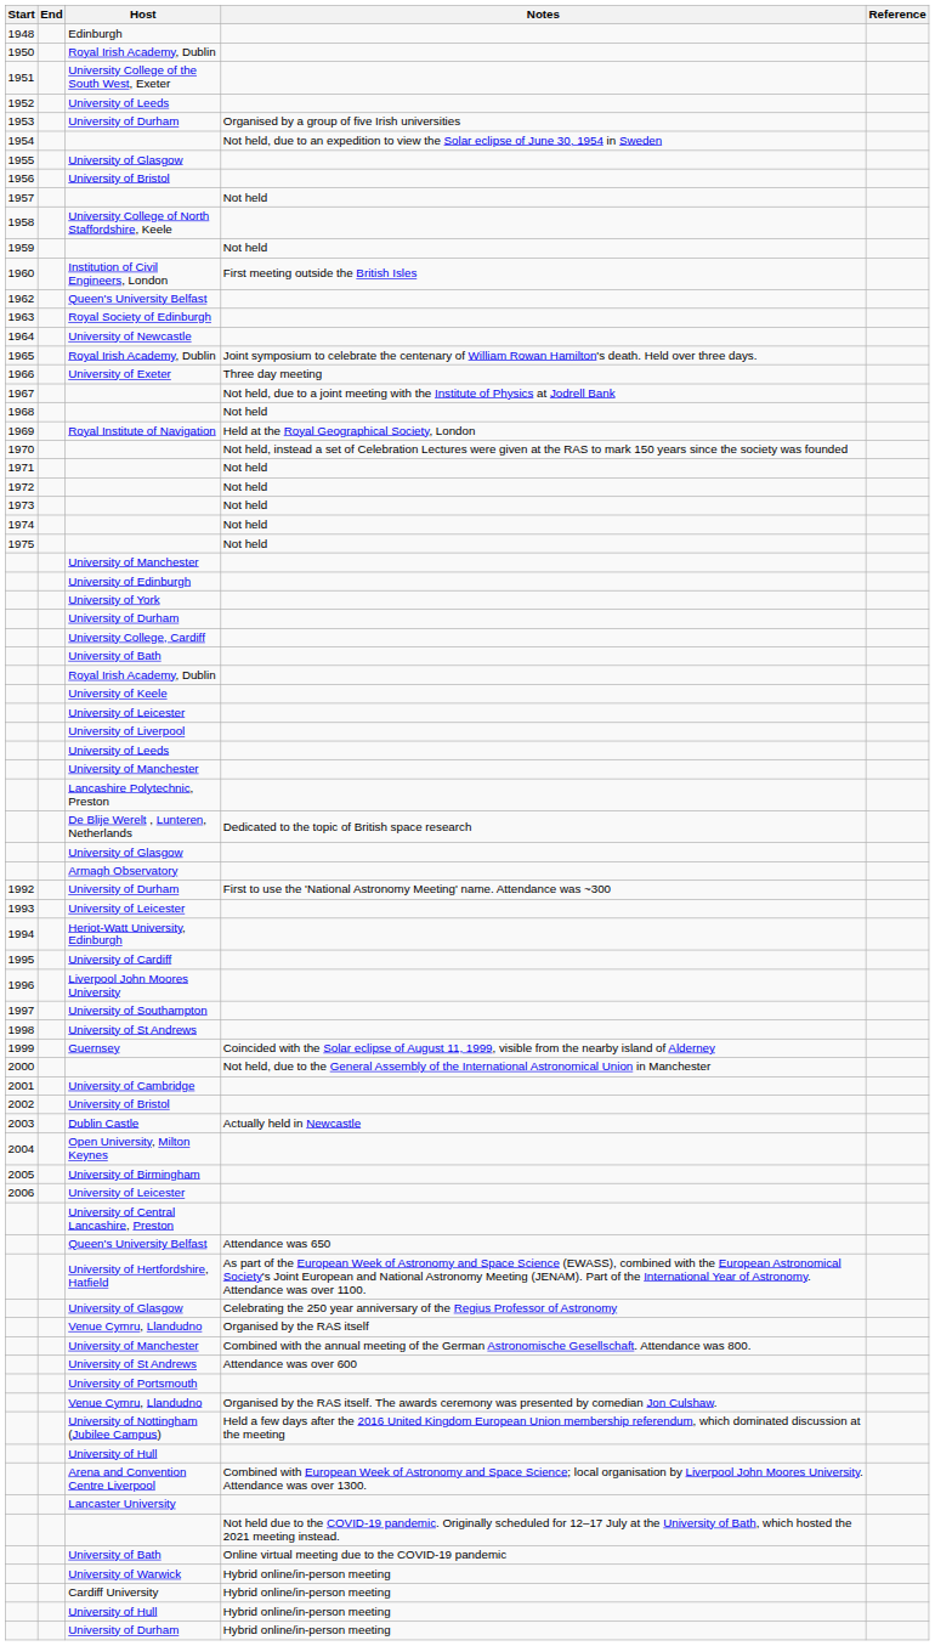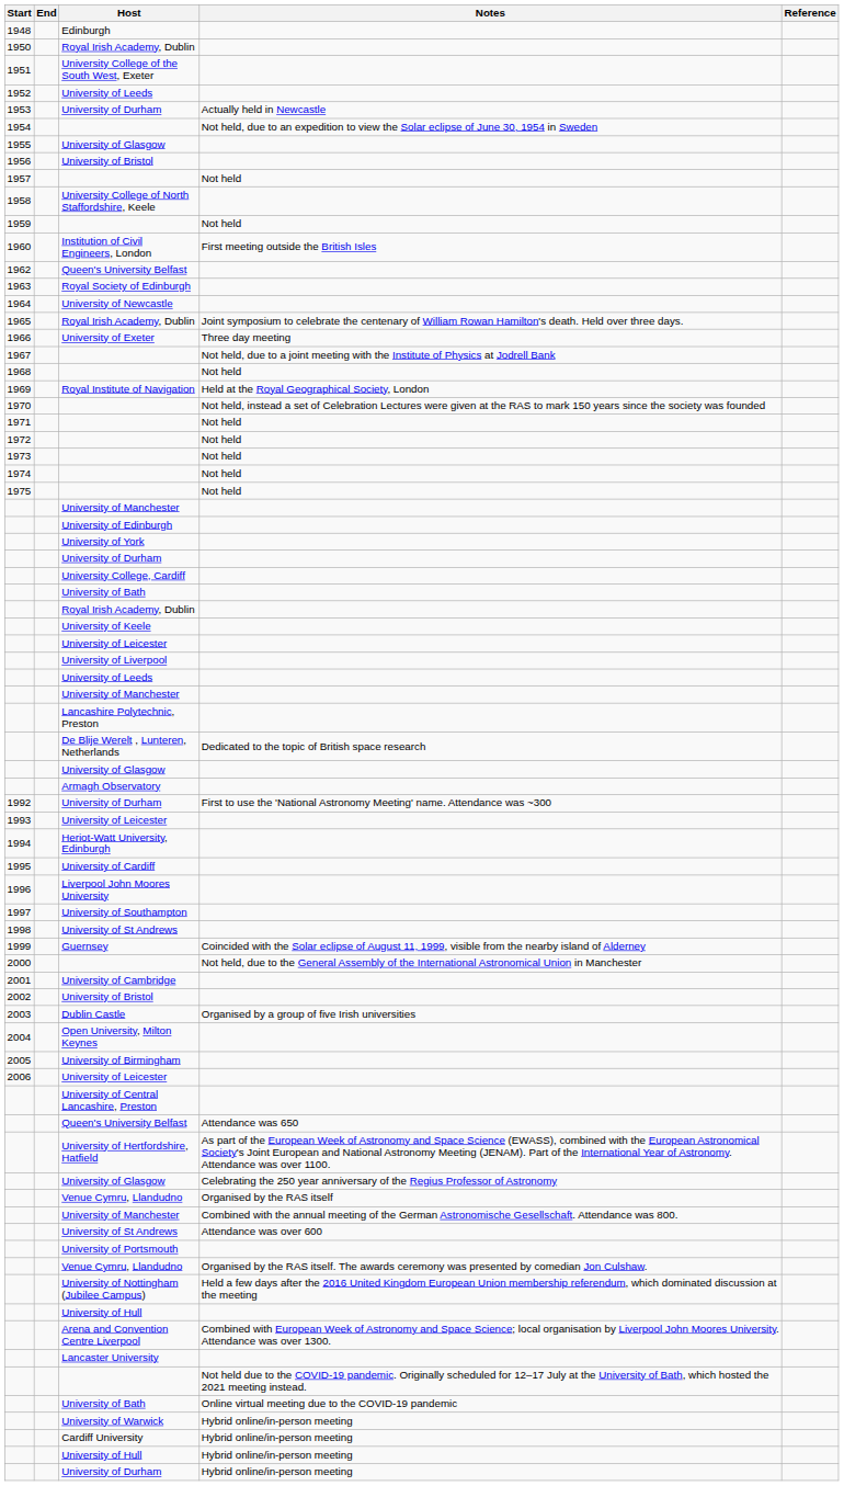 <table class="wikitable sortable">
 <tr>
 <th>Start</th>
 <th>End</th>
 <th>Host</th>
 <th>Notes</th>
 <th>Reference</th>
 </tr>
 <tr>
 <td>1948</td>
 <td></td>
 <td>Edinburgh</td>
 <td></td>
 <td></td>
 </tr>
 <tr>
 <td>1950</td>
 <td></td>
 <td><a href='#'>Royal Irish Academy</a>, Dublin</td>
 <td></td>
 <td></td>
 </tr>
 <tr>
 <td>1951</td>
 <td></td>
 <td><a href='#'>University College of the South West</a>, Exeter</td>
 <td></td>
 <td></td>
 </tr>
 <tr>
 <td>1952</td>
 <td></td>
 <td><a href='#'>University of Leeds</a></td>
 <td></td>
 <td></td>
 </tr>
 <tr>
 <td>1953</td>
 <td></td>
 <td><a href='#'>University of Durham</a></td>
-<td>Organised by a group of five Irish universities</td>
+<td>Actually held in <a href='#'>Newcastle</a></td>
 <td></td>
 </tr>
 <tr>
 <td>1954</td>
 <td></td>
 <td></td>
 <td>Not held, due to an expedition to view the <a href='#'>Solar eclipse of June 30, 1954</a> in <a href='#'>Sweden</a></td>
 <td></td>
 </tr>
 <tr>
 <td>1955</td>
 <td></td>
 <td><a href='#'>University of Glasgow</a></td>
 <td></td>
 <td></td>
 </tr>
 <tr>
 <td>1956</td>
 <td></td>
 <td><a href='#'>University of Bristol</a></td>
 <td></td>
 <td></td>
 </tr>
 <tr>
 <td>1957</td>
 <td></td>
 <td></td>
 <td>Not held</td>
 <td></td>
 </tr>
 <tr>
 <td>1958</td>
 <td></td>
 <td><a href='#'>University College of North Staffordshire</a>, Keele</td>
 <td></td>
 <td></td>
 </tr>
 <tr>
 <td>1959</td>
 <td></td>
 <td></td>
 <td>Not held</td>
 <td></td>
 </tr>
 <tr>
 <td>1960</td>
 <td></td>
 <td><a href='#'>Institution of Civil Engineers</a>, London</td>
 <td>First meeting outside the <a href='#'>British Isles</a></td>
 <td></td>
 </tr>
 <tr>
 <td>1962</td>
 <td></td>
 <td><a href='#'>Queen's University Belfast</a></td>
 <td></td>
 <td></td>
 </tr>
 <tr>
 <td>1963</td>
 <td></td>
 <td><a href='#'>Royal Society of Edinburgh</a></td>
 <td></td>
 <td></td>
 </tr>
 <tr>
 <td>1964</td>
 <td></td>
 <td><a href='#'>University of Newcastle</a></td>
 <td></td>
 <td></td>
 </tr>
 <tr>
 <td>1965</td>
 <td></td>
 <td><a href='#'>Royal Irish Academy</a>, Dublin</td>
 <td>Joint symposium to celebrate the centenary of <a href='#'>William Rowan Hamilton</a>'s death. Held over three days.</td>
 <td></td>
 </tr>
 <tr>
 <td>1966</td>
 <td></td>
 <td><a href='#'>University of Exeter</a></td>
 <td>Three day meeting</td>
 <td></td>
 </tr>
 <tr>
 <td>1967</td>
 <td></td>
 <td></td>
 <td>Not held, due to a joint meeting with the <a href='#'>Institute of Physics</a> at <a href='#'>Jodrell Bank</a></td>
 <td></td>
 </tr>
 <tr>
 <td>1968</td>
 <td></td>
 <td></td>
 <td>Not held</td>
 <td></td>
 </tr>
 <tr>
 <td>1969</td>
 <td></td>
 <td><a href='#'>Royal Institute of Navigation</a></td>
 <td>Held at the <a href='#'>Royal Geographical Society</a>, London</td>
 <td></td>
 </tr>
 <tr>
 <td>1970</td>
 <td></td>
 <td></td>
 <td>Not held, instead a set of Celebration Lectures were given at the RAS to mark 150 years since the society was founded</td>
 <td></td>
 </tr>
 <tr>
 <td>1971</td>
 <td></td>
 <td></td>
 <td>Not held</td>
 <td></td>
 </tr>
 <tr>
 <td>1972</td>
 <td></td>
 <td></td>
 <td>Not held</td>
 <td></td>
 </tr>
 <tr>
 <td>1973</td>
 <td></td>
 <td></td>
 <td>Not held</td>
 <td></td>
 </tr>
 <tr>
 <td>1974</td>
 <td></td>
 <td></td>
 <td>Not held</td>
 <td></td>
 </tr>
 <tr>
 <td>1975</td>
 <td></td>
 <td></td>
 <td>Not held</td>
 <td></td>
 </tr>
 <tr>
 <td></td>
 <td></td>
 <td><a href='#'>University of Manchester</a></td>
 <td></td>
 <td></td>
 </tr>
 <tr>
 <td></td>
 <td></td>
 <td><a href='#'>University of Edinburgh</a></td>
 <td></td>
 <td></td>
 </tr>
 <tr>
 <td></td>
 <td></td>
 <td><a href='#'>University of York</a></td>
 <td></td>
 <td></td>
 </tr>
 <tr>
 <td></td>
 <td></td>
 <td><a href='#'>University of Durham</a></td>
 <td></td>
 <td></td>
 </tr>
 <tr>
 <td></td>
 <td></td>
 <td><a href='#'>University College, Cardiff</a></td>
 <td></td>
 <td></td>
 </tr>
 <tr>
 <td></td>
 <td></td>
 <td><a href='#'>University of Bath</a></td>
 <td></td>
 <td></td>
 </tr>
 <tr>
 <td></td>
 <td></td>
 <td><a href='#'>Royal Irish Academy</a>, Dublin</td>
 <td></td>
 <td></td>
 </tr>
 <tr>
 <td></td>
 <td></td>
 <td><a href='#'>University of Keele</a></td>
 <td></td>
 <td></td>
 </tr>
 <tr>
 <td></td>
 <td></td>
 <td><a href='#'>University of Leicester</a></td>
 <td></td>
 <td></td>
 </tr>
 <tr>
 <td></td>
 <td></td>
 <td><a href='#'>University of Liverpool</a></td>
 <td></td>
 <td></td>
 </tr>
 <tr>
 <td></td>
 <td></td>
 <td><a href='#'>University of Leeds</a></td>
 <td></td>
 <td></td>
 </tr>
 <tr>
 <td></td>
 <td></td>
 <td><a href='#'>University of Manchester</a></td>
 <td></td>
 <td></td>
 </tr>
 <tr>
 <td></td>
 <td></td>
 <td><a href='#'>Lancashire Polytechnic</a>, Preston</td>
 <td></td>
 <td></td>
 </tr>
 <tr>
 <td></td>
 <td></td>
 <td><a href='#'>De Blije Werelt</a> , <a href='#'>Lunteren</a>, Netherlands</td>
 <td>Dedicated to the topic of British space research</td>
 <td></td>
 </tr>
 <tr>
 <td></td>
 <td></td>
 <td><a href='#'>University of Glasgow</a></td>
 <td></td>
 <td></td>
 </tr>
 <tr>
 <td></td>
 <td></td>
 <td><a href='#'>Armagh Observatory</a></td>
 <td></td>
 <td></td>
 </tr>
 <tr>
 <td>1992</td>
 <td></td>
 <td><a href='#'>University of Durham</a></td>
 <td>First to use the 'National Astronomy Meeting' name. Attendance was ~300</td>
 <td></td>
 </tr>
 <tr>
 <td>1993</td>
 <td></td>
 <td><a href='#'>University of Leicester</a></td>
 <td></td>
 <td></td>
 </tr>
 <tr>
 <td>1994</td>
 <td></td>
 <td><a href='#'>Heriot-Watt University</a>, <a href='#'>Edinburgh</a></td>
 <td></td>
 <td></td>
 </tr>
 <tr>
 <td>1995</td>
 <td></td>
 <td><a href='#'>University of Cardiff</a></td>
 <td></td>
 <td></td>
 </tr>
 <tr>
 <td>1996</td>
 <td></td>
 <td><a href='#'>Liverpool John Moores University</a></td>
 <td></td>
 <td></td>
 </tr>
 <tr>
 <td>1997</td>
 <td></td>
 <td><a href='#'>University of Southampton</a></td>
 <td></td>
 <td></td>
 </tr>
 <tr>
 <td>1998</td>
 <td></td>
 <td><a href='#'>University of St Andrews</a></td>
 <td></td>
 <td></td>
 </tr>
 <tr>
 <td>1999</td>
 <td></td>
 <td><a href='#'>Guernsey</a></td>
 <td>Coincided with the <a href='#'>Solar eclipse of August 11, 1999</a>, visible from the nearby island of <a href='#'>Alderney</a></td>
 <td></td>
 </tr>
 <tr>
 <td>2000</td>
 <td></td>
 <td></td>
 <td>Not held, due to the <a href='#'>General Assembly of the International Astronomical Union</a> in Manchester</td>
 <td></td>
 </tr>
 <tr>
 <td>2001</td>
 <td></td>
 <td><a href='#'>University of Cambridge</a></td>
 <td></td>
 <td></td>
 </tr>
 <tr>
 <td>2002</td>
 <td></td>
 <td><a href='#'>University of Bristol</a></td>
 <td></td>
 <td></td>
 </tr>
 <tr>
 <td>2003</td>
 <td></td>
 <td><a href='#'>Dublin Castle</a></td>
-<td>Actually held in <a href='#'>Newcastle</a></td>
+<td>Organised by a group of five Irish universities</td>
 <td></td>
 </tr>
 <tr>
 <td>2004</td>
 <td></td>
 <td><a href='#'>Open University</a>, <a href='#'>Milton Keynes</a></td>
 <td></td>
 <td></td>
 </tr>
 <tr>
 <td>2005</td>
 <td></td>
 <td><a href='#'>University of Birmingham</a></td>
 <td></td>
 <td></td>
 </tr>
 <tr>
 <td>2006</td>
 <td></td>
 <td><a href='#'>University of Leicester</a></td>
 <td></td>
 <td></td>
 </tr>
 <tr>
 <td></td>
 <td></td>
 <td><a href='#'>University of Central Lancashire</a>, <a href='#'>Preston</a></td>
 <td></td>
 <td></td>
 </tr>
 <tr>
 <td></td>
 <td></td>
 <td><a href='#'>Queen's University Belfast</a></td>
 <td>Attendance was 650</td>
 <td></td>
 </tr>
 <tr>
 <td></td>
 <td></td>
 <td><a href='#'>University of Hertfordshire</a>, <a href='#'>Hatfield</a></td>
 <td>As part of the <a href='#'>European Week of Astronomy and Space Science</a> (EWASS), combined with the <a href='#'>European Astronomical Society</a>'s Joint European and National Astronomy Meeting (JENAM). Part of the <a href='#'>International Year of Astronomy</a>. Attendance was over 1100.</td>
 <td></td>
 </tr>
 <tr>
 <td></td>
 <td></td>
 <td><a href='#'>University of Glasgow</a></td>
 <td>Celebrating the 250 year anniversary of the <a href='#'>Regius Professor of Astronomy</a></td>
 <td></td>
 </tr>
 <tr>
 <td></td>
 <td></td>
 <td><a href='#'>Venue Cymru</a>, <a href='#'>Llandudno</a></td>
 <td>Organised by the RAS itself</td>
 <td></td>
 </tr>
 <tr>
 <td></td>
 <td></td>
 <td><a href='#'>University of Manchester</a></td>
 <td>Combined with the annual meeting of the German <a href='#'>Astronomische Gesellschaft</a>. Attendance was 800.</td>
 <td></td>
 </tr>
 <tr>
 <td></td>
 <td></td>
 <td><a href='#'>University of St Andrews</a></td>
 <td>Attendance was over 600</td>
 <td></td>
 </tr>
 <tr>
 <td></td>
 <td></td>
 <td><a href='#'>University of Portsmouth</a></td>
 <td></td>
 <td></td>
 </tr>
 <tr>
 <td></td>
 <td></td>
 <td><a href='#'>Venue Cymru</a>, <a href='#'>Llandudno</a></td>
 <td>Organised by the RAS itself. The awards ceremony was presented by comedian <a href='#'>Jon Culshaw</a>.</td>
 <td></td>
 </tr>
 <tr>
 <td></td>
 <td></td>
 <td><a href='#'>University of Nottingham</a> (<a href='#'>Jubilee Campus</a>)</td>
 <td>Held a few days after the <a href='#'>2016 United Kingdom European Union membership referendum</a>, which dominated discussion at the meeting</td>
 <td></td>
 </tr>
 <tr>
 <td></td>
 <td></td>
 <td><a href='#'>University of Hull</a></td>
 <td></td>
 <td></td>
 </tr>
 <tr>
 <td></td>
 <td></td>
 <td><a href='#'>Arena and Convention Centre Liverpool</a></td>
 <td>Combined with <a href='#'>European Week of Astronomy and Space Science</a>; local organisation by <a href='#'>Liverpool John Moores University</a>. Attendance was over 1300.</td>
 <td></td>
 </tr>
 <tr>
 <td></td>
 <td></td>
 <td><a href='#'>Lancaster University</a></td>
 <td></td>
 <td></td>
 </tr>
 <tr>
 <td></td>
 <td></td>
 <td></td>
 <td>Not held due to the <a href='#'>COVID-19 pandemic</a>. Originally scheduled for 12–17 July at the <a href='#'>University of Bath</a>, which hosted the 2021 meeting instead.</td>
 <td></td>
 </tr>
 <tr>
 <td></td>
 <td></td>
 <td><a href='#'>University of Bath</a></td>
 <td>Online virtual meeting due to the COVID-19 pandemic</td>
 <td></td>
 </tr>
 <tr>
 <td></td>
 <td></td>
 <td><a href='#'>University of Warwick</a></td>
 <td>Hybrid online/in-person meeting</td>
 <td></td>
 </tr>
 <tr>
 <td></td>
 <td></td>
 <td>Cardiff University</td>
 <td>Hybrid online/in-person meeting</td>
 <td></td>
 </tr>
 <tr>
 <td></td>
 <td></td>
 <td><a href='#'>University of Hull</a></td>
 <td>Hybrid online/in-person meeting</td>
 <td></td>
 </tr>
 <tr>
 <td></td>
 <td></td>
 <td><a href='#'>University of Durham</a></td>
 <td>Hybrid online/in-person meeting</td>
 <td></td>
 </tr>
 </table>
